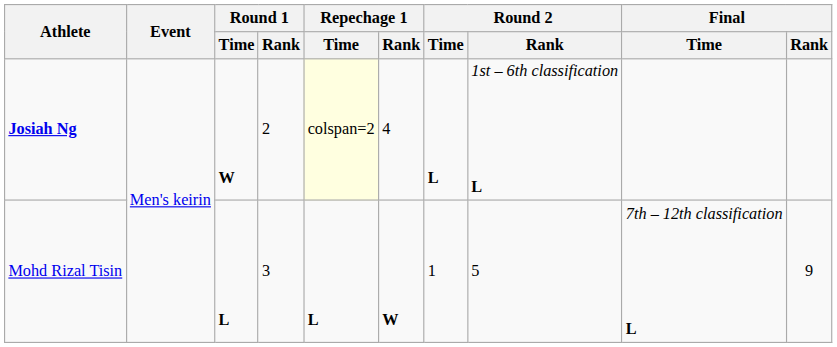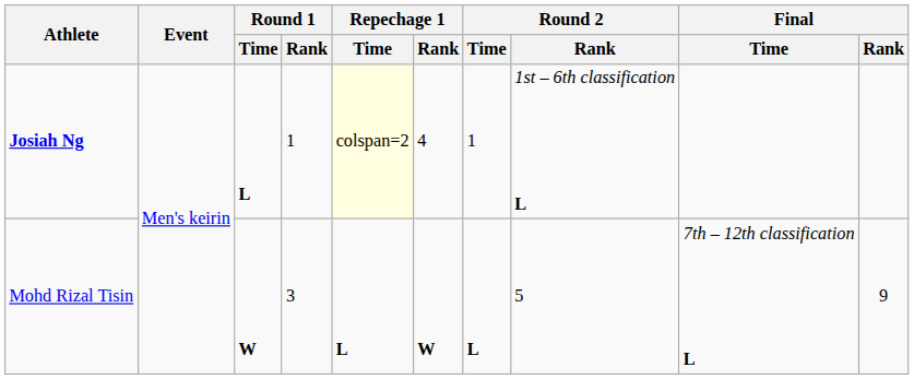 <table class=wikitable style="text-align:left; font-size:90%">
 <tr>
 <th rowspan=2>Athlete</th>
 <th rowspan=2>Event</th>
 <th colspan=2>Round 1</th>
 <th colspan=2>Repechage 1</th>
 <th colspan=2>Round 2</th>
 <th colspan=2>Final</th>
 </tr>
 <tr>
 <th>Time</th>
 <th>Rank</th>
 <th>Time</th>
 <th>Rank</th>
 <th>Time</th>
 <th>Rank</th>
 <th>Time</th>
 <th>Rank</th>
 </tr>
 <tr>
 <td align=left><strong><a href='#'>Josiah Ng</a></strong></td>
 <td align=left rowspan=2><a href='#'>Men's keirin</a></td>
-<td><br><br><br><br><br><strong>W</strong></td>
-<td>2 <strong></strong></td>
+<td><br><br><br><br><br><strong>L</strong></td>
+<td>1 <strong></strong></td>
 <td style="background: lightyellow;">colspan=2 </td>
 <td>4 <strong></strong></td>
-<td><br><br><br><br><br><strong>L</strong></td>
+<td>1 <strong></strong></td>
 <td><em>1st – 6th classification</em><br><br><br><br><br><br><strong>L</strong></td>
 <td align=center></td>
 </tr>
 <tr>
 <td align=left><a href='#'>Mohd Rizal Tisin</a></td>
-<td><br><br><br><br><br><strong>L</strong></td>
+<td><br><br><br><br><br><strong>W</strong></td>
 <td>3 <strong></strong></td>
 <td><br><br><br><br><br><strong>L</strong></td>
 <td><br><br><br><br><br><strong>W</strong></td>
-<td>1 <strong></strong></td>
+<td><br><br><br><br><br><strong>L</strong></td>
 <td>5</td>
 <td><em>7th – 12th classification</em><br><br><br><br><br><br><strong>L</strong></td>
 <td align=center>9</td>
 </tr>
 </table>
